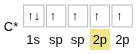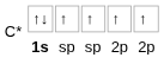 <table cellpadding=4px>
 <tr>
 <td rowspan=2>C*</td>
 <td style="border: 1px solid darkgray;">↑↓</td>
 <td style="border: 1px solid darkgray;">↑</td>
 <td style="border: 1px solid darkgray;">↑</td>
 <td style="border: 1px solid darkgray;">↑</td>
 <td style="border: 1px solid darkgray;">↑</td>
 </tr>
 <tr>
-<td>1s</td>
+<td><strong>1s</strong></td>
 <td>sp</td>
 <td>sp</td>
-<td style="background: khaki;">2p</td>
+<td>2p</td>
 <td>2p</td>
 </tr>
 </table>
